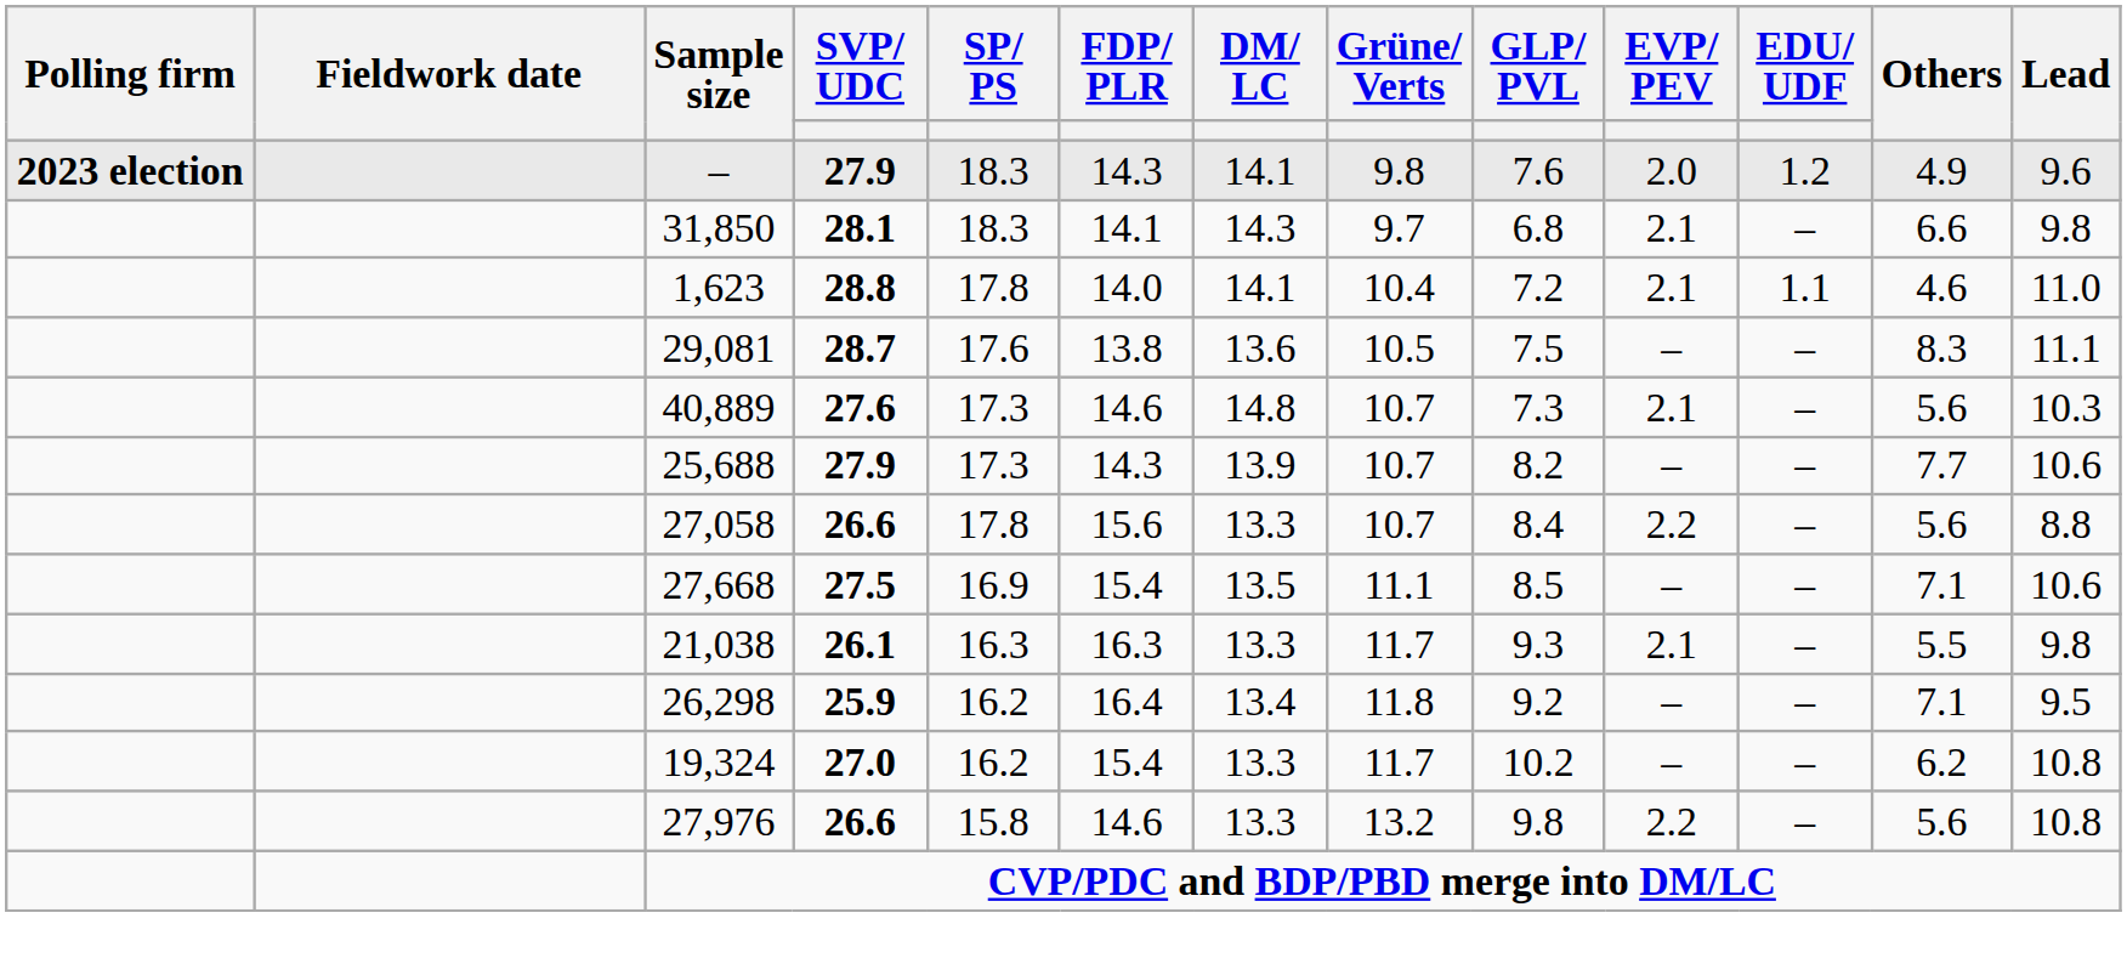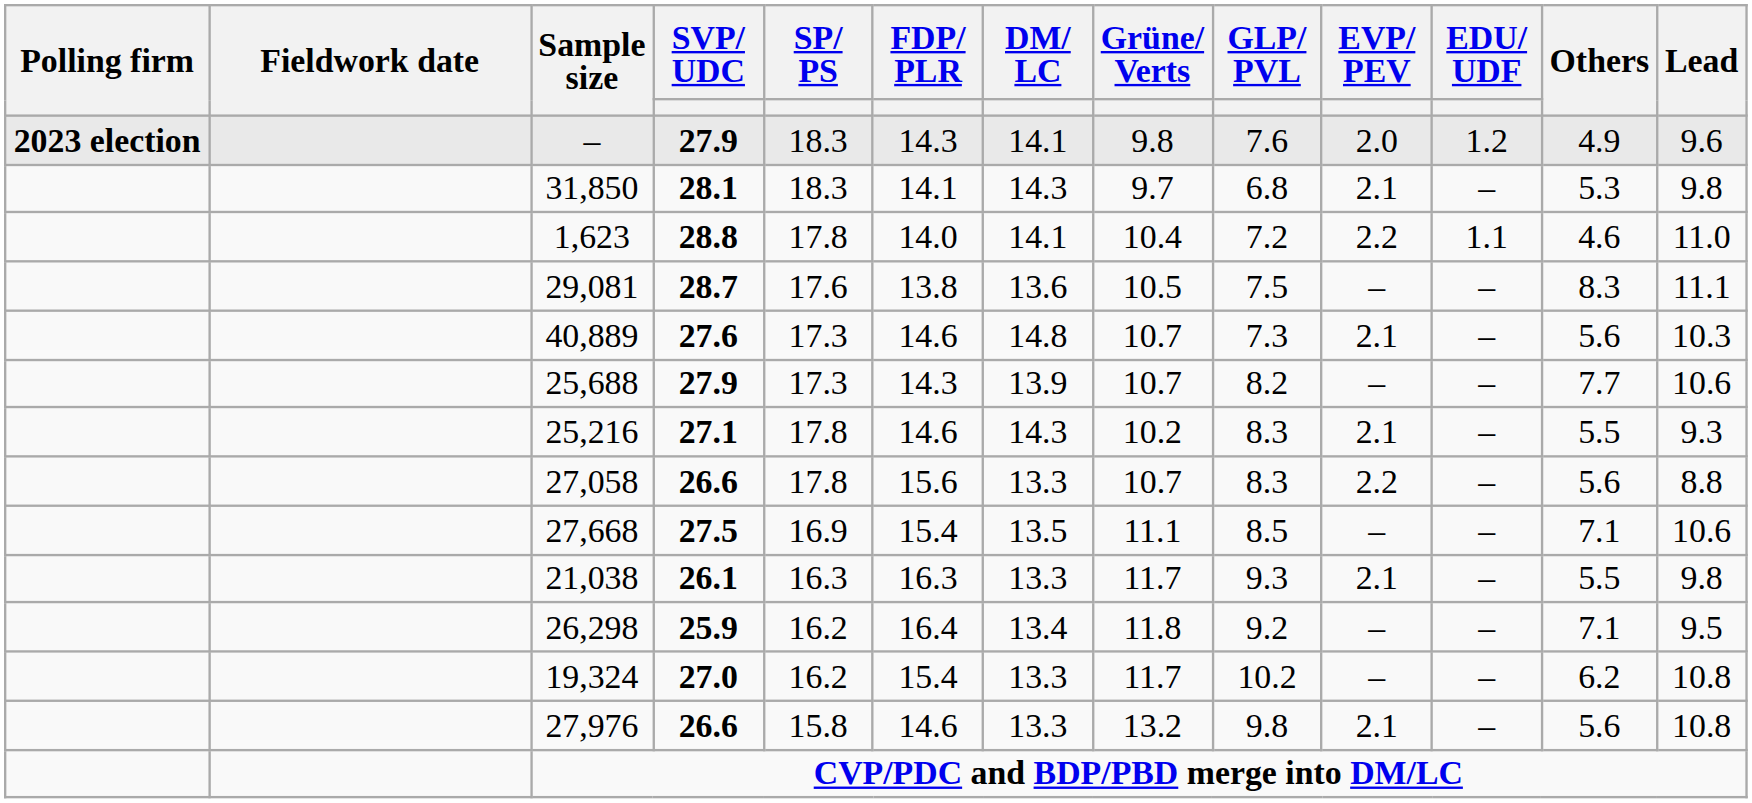 <table class="wikitable sortable" style="text-align:center;font-size:90%;line-height:14px;">
 <tr style="height:40px;">
 <th style="width:80px;" rowspan="2">Polling firm</th>
 <th style="width:130px;" rowspan="2">Fieldwork date</th>
 <th style="width:35px;" rowspan="2">Sample<br>size</th>
 <th class="unsortable" style="width:40px;"><a href='#'>SVP/<br>UDC</a></th>
 <th class="unsortable" style="width:40px;"><a href='#'>SP/<br>PS</a></th>
 <th class="unsortable" style="width:40px;"><a href='#'>FDP/<br>PLR</a></th>
 <th class="unsortable" style="width:40px;"><a href='#'>DM/<br>LC</a></th>
 <th class="unsortable" style="width:40px;"><a href='#'>Grüne/<br>Verts</a></th>
 <th class="unsortable" style="width:40px;"><a href='#'>GLP/<br>PVL</a></th>
 <th class="unsortable" style="width:40px;"><a href='#'>EVP/<br>PEV</a></th>
 <th class="unsortable" style="width:40px;"><a href='#'>EDU/<br>UDF</a></th>
 <th class="unsortable" style="width:30px;" rowspan="2">Others</th>
 <th style="width:30px;" rowspan="2">Lead</th>
 </tr>
 <tr>
 <th style="background:"></th>
 <th style="background:"></th>
 <th style="background:"></th>
 <th style="background:"></th>
 <th style="background:"></th>
 <th style="background:"></th>
 <th style="background:"></th>
 <th style="background:"></th>
 </tr>
 <tr style="background:#E9E9E9;">
 <td><strong>2023 election</strong></td>
 <td></td>
 <td>–</td>
 <td style="background:#"><strong>27.9</strong></td>
 <td>18.3</td>
 <td>14.3</td>
 <td>14.1</td>
 <td>9.8</td>
 <td>7.6</td>
 <td>2.0</td>
 <td>1.2</td>
 <td>4.9</td>
 <td style="background:">9.6</td>
 </tr>
 <tr>
 <td></td>
 <td></td>
 <td>31,850</td>
 <td style="background:#"><strong>28.1</strong></td>
 <td>18.3</td>
 <td>14.1</td>
 <td>14.3</td>
 <td>9.7</td>
 <td>6.8</td>
 <td>2.1</td>
 <td>–</td>
-<td>6.6</td>
+<td>5.3</td>
 <td style="background:">9.8</td>
 </tr>
 <tr>
 <td></td>
 <td></td>
 <td>1,623</td>
 <td style="background:#"><strong>28.8</strong></td>
 <td>17.8</td>
 <td>14.0</td>
 <td>14.1</td>
 <td>10.4</td>
 <td>7.2</td>
-<td>2.1</td>
+<td>2.2</td>
 <td>1.1</td>
 <td>4.6</td>
 <td style="background:">11.0</td>
 </tr>
 <tr>
 <td></td>
 <td></td>
 <td>29,081</td>
 <td style="background:#"><strong>28.7</strong></td>
 <td>17.6</td>
 <td>13.8</td>
 <td>13.6</td>
 <td>10.5</td>
 <td>7.5</td>
 <td>–</td>
 <td>–</td>
 <td>8.3</td>
 <td style="background:">11.1</td>
 </tr>
 <tr>
 <td></td>
 <td></td>
 <td>40,889</td>
 <td style="background:#"><strong>27.6</strong></td>
 <td>17.3</td>
 <td>14.6</td>
 <td>14.8</td>
 <td>10.7</td>
 <td>7.3</td>
 <td>2.1</td>
 <td>–</td>
 <td>5.6</td>
 <td style="background:">10.3</td>
 </tr>
 <tr>
 <td></td>
 <td></td>
 <td>25,688</td>
 <td style="background:#"><strong>27.9</strong></td>
 <td>17.3</td>
 <td>14.3</td>
 <td>13.9</td>
 <td>10.7</td>
 <td>8.2</td>
 <td>–</td>
 <td>–</td>
 <td>7.7</td>
 <td style="background:">10.6</td>
 </tr>
 <tr>
 <td></td>
 <td></td>
+<td>25,216</td>
+<td style="background:#"><strong>27.1</strong></td>
+<td>17.8</td>
+<td>14.6</td>
+<td>14.3</td>
+<td>10.2</td>
+<td>8.3</td>
+<td>2.1</td>
+<td>–</td>
+<td>5.5</td>
+<td style="background:">9.3</td>
+</tr>
+<tr>
+<td></td>
+<td></td>
 <td>27,058</td>
 <td style="background:#"><strong>26.6</strong></td>
 <td>17.8</td>
 <td>15.6</td>
 <td>13.3</td>
 <td>10.7</td>
-<td>8.4</td>
+<td>8.3</td>
 <td>2.2</td>
 <td>–</td>
 <td>5.6</td>
 <td style="background:">8.8</td>
 </tr>
 <tr>
 <td></td>
 <td></td>
 <td>27,668</td>
 <td style="background:#"><strong>27.5</strong></td>
 <td>16.9</td>
 <td>15.4</td>
 <td>13.5</td>
 <td>11.1</td>
 <td>8.5</td>
 <td>–</td>
 <td>–</td>
 <td>7.1</td>
 <td style="background:">10.6</td>
 </tr>
 <tr>
 <td></td>
 <td></td>
 <td>21,038</td>
 <td style="background:#"><strong>26.1</strong></td>
 <td>16.3</td>
 <td>16.3</td>
 <td>13.3</td>
 <td>11.7</td>
 <td>9.3</td>
 <td>2.1</td>
 <td>–</td>
 <td>5.5</td>
 <td style="background:">9.8</td>
 </tr>
 <tr>
 <td></td>
 <td></td>
 <td>26,298</td>
 <td style="background:#"><strong>25.9</strong></td>
 <td>16.2</td>
 <td>16.4</td>
 <td>13.4</td>
 <td>11.8</td>
 <td>9.2</td>
 <td>–</td>
 <td>–</td>
 <td>7.1</td>
 <td style="background:">9.5</td>
 </tr>
 <tr>
 <td></td>
 <td></td>
 <td>19,324</td>
 <td style="background:#"><strong>27.0</strong></td>
 <td>16.2</td>
 <td>15.4</td>
 <td>13.3</td>
 <td>11.7</td>
 <td>10.2</td>
 <td>–</td>
 <td>–</td>
 <td>6.2</td>
 <td style="background:">10.8</td>
 </tr>
 <tr>
 <td></td>
 <td></td>
 <td>27,976</td>
 <td style="background:#"><strong>26.6</strong></td>
 <td>15.8</td>
 <td>14.6</td>
 <td>13.3</td>
 <td>13.2</td>
 <td>9.8</td>
-<td>2.2</td>
+<td>2.1</td>
 <td>–</td>
 <td>5.6</td>
 <td style="background:">10.8</td>
 </tr>
 <tr>
 <td></td>
 <td></td>
 <td colspan="11"><strong><a href='#'>CVP/PDC</a> and <a href='#'>BDP/PBD</a> merge into <a href='#'>DM/LC</a></strong></td>
 </tr>
 </table>
